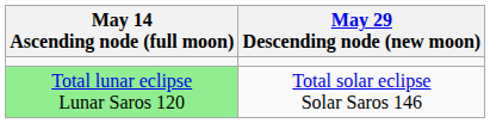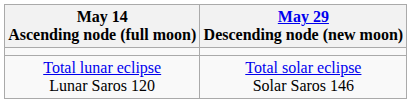 <table class="wikitable">
 <tr>
 <th>May 14<br>Ascending node (full moon)</th>
 <th><a href='#'>May 29</a><br>Descending node (new moon)</th>
 </tr>
 <tr>
 <td></td>
 <td></td>
 </tr>
 <tr align=center>
-<td style="background: lightgreen;"><a href='#'>Total lunar eclipse</a><br>Lunar Saros 120</td>
+<td><a href='#'>Total lunar eclipse</a><br>Lunar Saros 120</td>
 <td><a href='#'>Total solar eclipse</a><br>Solar Saros 146</td>
 </tr>
 </table>
